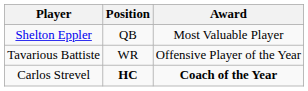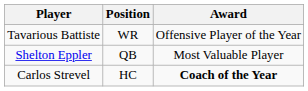 <table class="wikitable" style="text-align:center">
 <tr>
 <th>Player</th>
 <th>Position</th>
 <th>Award</th>
 </tr>
 <tr>
+<td>Tavarious Battiste</td>
+<td>WR</td>
+<td>Offensive Player of the Year</td>
+</tr>
+<tr>
 <td><a href='#'>Shelton Eppler</a></td>
 <td>QB</td>
 <td>Most Valuable Player</td>
 </tr>
 <tr>
-<td>Tavarious Battiste</td>
-<td>WR</td>
-<td>Offensive Player of the Year</td>
-</tr>
-<tr>
 <td>Carlos Strevel</td>
-<td><strong>HC</strong></td>
+<td>HC</td>
 <td><strong>Coach of the Year</strong></td>
 </tr>
 </table>
